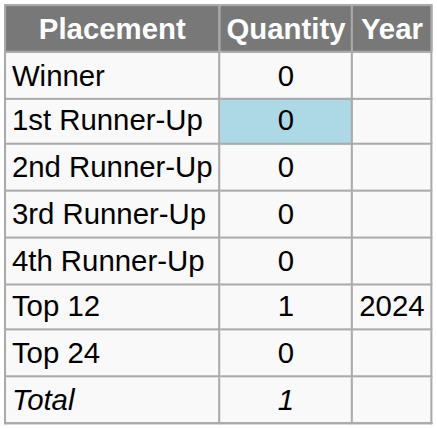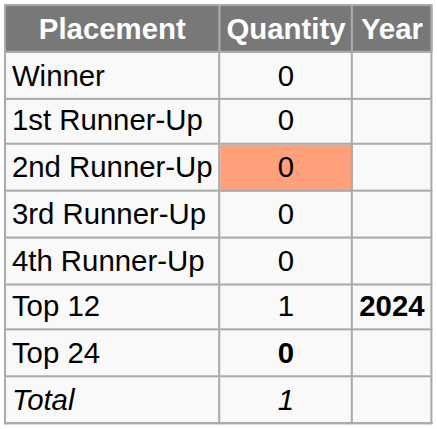 <table class="wikitable"style="font-size:90%;">
 <tr>
 <th style="background-color:#787878;color:#FFFFFF;">Placement</th>
 <th style="background-color:#787878;color:#FFFFFF;">Quantity</th>
 <th style="background-color:#787878;color:#FFFFFF;">Year</th>
 </tr>
 <tr>
 <td>Winner</td>
 <td style="text-align:center;">0</td>
 <td></td>
 </tr>
 <tr>
 <td>1st Runner-Up</td>
-<td style="background: lightblue; text-align:center;">0</td>
+<td style="text-align:center;">0</td>
 <td></td>
 </tr>
 <tr>
 <td>2nd Runner-Up</td>
-<td style="text-align:center;">0</td>
+<td style="background: lightsalmon; text-align:center;">0</td>
 <td></td>
 </tr>
 <tr>
 <td>3rd Runner-Up</td>
 <td style="text-align:center;">0</td>
 <td></td>
 </tr>
 <tr>
 <td>4th Runner-Up</td>
 <td style="text-align:center;">0</td>
 <td></td>
 </tr>
 <tr>
 <td>Top 12</td>
 <td style="text-align:center;">1</td>
-<td>2024</td>
+<td><strong>2024</strong></td>
 </tr>
 <tr>
 <td>Top 24</td>
-<td style="text-align:center;">0</td>
+<td style="text-align:center;"><strong>0</strong></td>
 <td></td>
 </tr>
 <tr>
 <td><em>Total</em></td>
 <td style="text-align:center;"><em>1</em></td>
 <td></td>
 </tr>
 <tr>
 </tr>
 </table>
